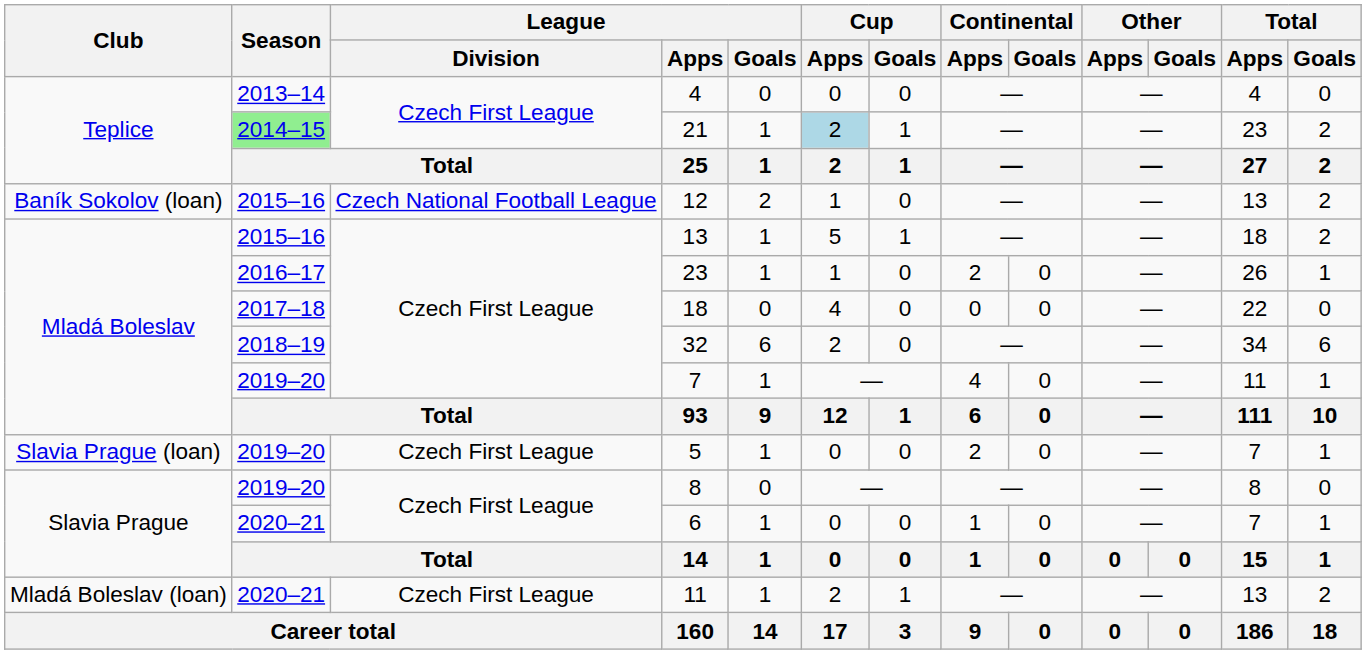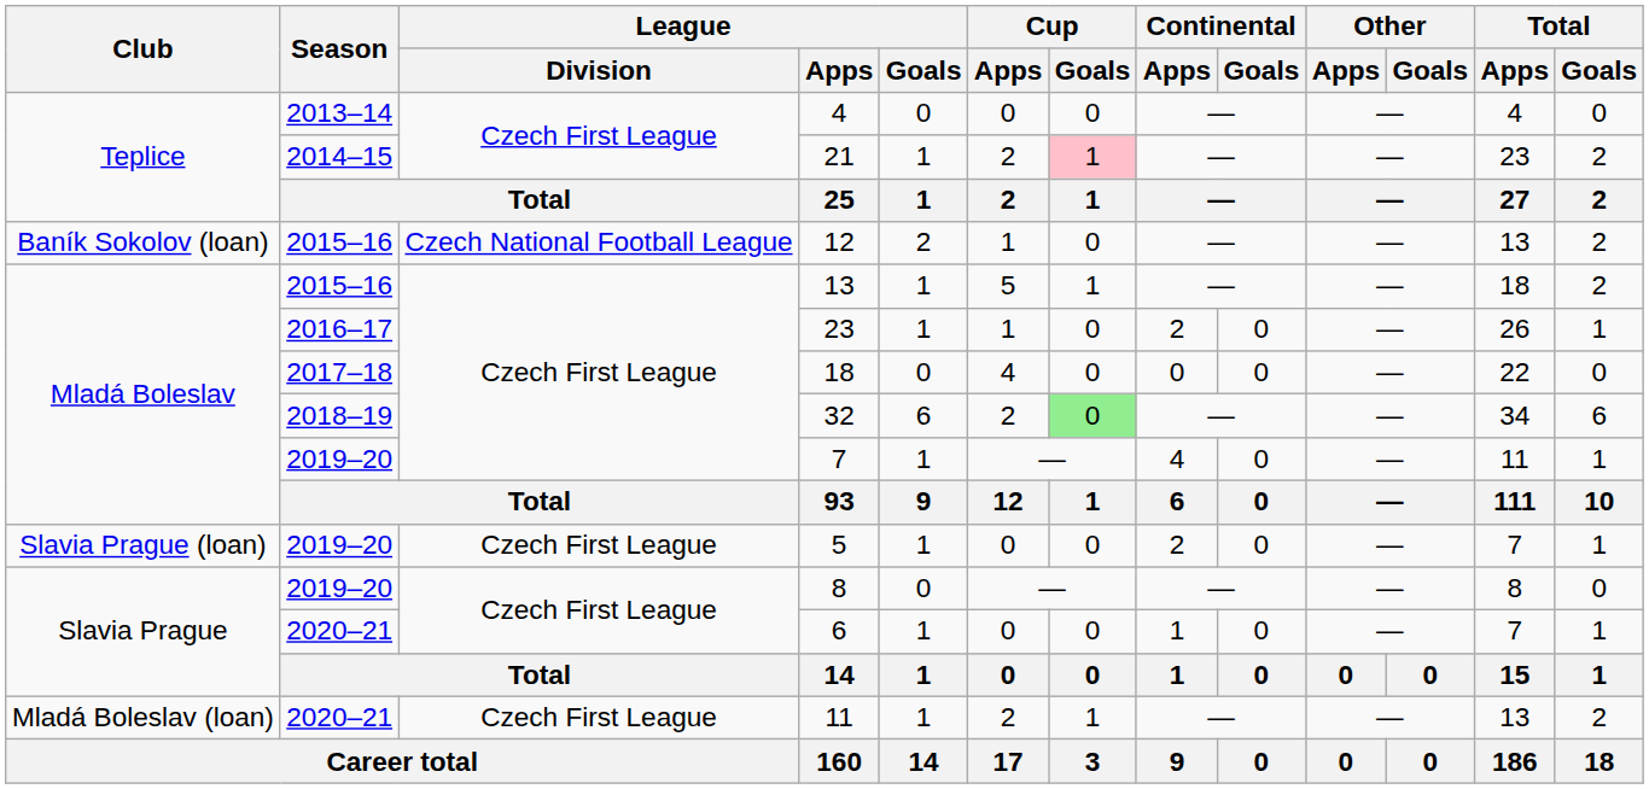 <table class="wikitable" style="text-align:center">
 <tr>
 <th rowspan=2>Club</th>
 <th rowspan=2>Season</th>
 <th colspan=3>League</th>
 <th colspan=2>Cup</th>
 <th colspan=2>Continental</th>
 <th colspan=2>Other</th>
 <th colspan=2>Total</th>
 </tr>
 <tr>
 <th>Division</th>
 <th>Apps</th>
 <th>Goals</th>
 <th>Apps</th>
 <th>Goals</th>
 <th>Apps</th>
 <th>Goals</th>
 <th>Apps</th>
 <th>Goals</th>
 <th>Apps</th>
 <th>Goals</th>
 </tr>
 <tr>
 <td rowspan="3"><a href='#'>Teplice</a></td>
 <td><a href='#'>2013–14</a></td>
 <td rowspan="2"><a href='#'>Czech First League</a></td>
 <td>4</td>
 <td>0</td>
 <td>0</td>
 <td>0</td>
 <td colspan="2">—</td>
 <td colspan="2">—</td>
 <td>4</td>
 <td>0</td>
 </tr>
 <tr>
-<td style="background: lightgreen;"><a href='#'>2014–15</a></td>
+<td><a href='#'>2014–15</a></td>
 <td>21</td>
 <td>1</td>
-<td style="background: lightblue;">2</td>
-<td>1</td>
+<td>2</td>
+<td style="background: pink;">1</td>
 <td colspan="2">—</td>
 <td colspan="2">—</td>
 <td>23</td>
 <td>2</td>
 </tr>
 <tr>
 <th colspan="2">Total</th>
 <th>25</th>
 <th>1</th>
 <th>2</th>
 <th>1</th>
 <th colspan="2">—</th>
 <th colspan="2">—</th>
 <th>27</th>
 <th>2</th>
 </tr>
 <tr>
 <td><a href='#'>Baník Sokolov</a> (loan)</td>
 <td><a href='#'>2015–16</a></td>
 <td><a href='#'>Czech National Football League</a></td>
 <td>12</td>
 <td>2</td>
 <td>1</td>
 <td>0</td>
 <td colspan="2">—</td>
 <td colspan="2">—</td>
 <td>13</td>
 <td>2</td>
 </tr>
 <tr>
 <td rowspan="6"><a href='#'>Mladá Boleslav</a></td>
 <td><a href='#'>2015–16</a></td>
 <td rowspan="5">Czech First League</td>
 <td>13</td>
 <td>1</td>
 <td>5</td>
 <td>1</td>
 <td colspan="2">—</td>
 <td colspan="2">—</td>
 <td>18</td>
 <td>2</td>
 </tr>
 <tr>
 <td><a href='#'>2016–17</a></td>
 <td>23</td>
 <td>1</td>
 <td>1</td>
 <td>0</td>
 <td>2</td>
 <td>0</td>
 <td colspan="2">—</td>
 <td>26</td>
 <td>1</td>
 </tr>
 <tr>
 <td><a href='#'>2017–18</a></td>
 <td>18</td>
 <td>0</td>
 <td>4</td>
 <td>0</td>
 <td>0</td>
 <td>0</td>
 <td colspan="2">—</td>
 <td>22</td>
 <td>0</td>
 </tr>
 <tr>
 <td><a href='#'>2018–19</a></td>
 <td>32</td>
 <td>6</td>
 <td>2</td>
-<td>0</td>
+<td style="background: lightgreen;">0</td>
 <td colspan="2">—</td>
 <td colspan="2">—</td>
 <td>34</td>
 <td>6</td>
 </tr>
 <tr>
 <td><a href='#'>2019–20</a></td>
 <td>7</td>
 <td>1</td>
 <td colspan="2">—</td>
 <td>4</td>
 <td>0</td>
 <td colspan="2">—</td>
 <td>11</td>
 <td>1</td>
 </tr>
 <tr>
 <th colspan="2">Total</th>
 <th>93</th>
 <th>9</th>
 <th>12</th>
 <th>1</th>
 <th>6</th>
 <th>0</th>
 <th colspan="2">—</th>
 <th>111</th>
 <th>10</th>
 </tr>
 <tr>
 <td><a href='#'>Slavia Prague</a> (loan)</td>
 <td><a href='#'>2019–20</a></td>
 <td>Czech First League</td>
 <td>5</td>
 <td>1</td>
 <td>0</td>
 <td>0</td>
 <td>2</td>
 <td>0</td>
 <td colspan="2">—</td>
 <td>7</td>
 <td>1</td>
 </tr>
 <tr>
 <td rowspan="3">Slavia Prague</td>
 <td><a href='#'>2019–20</a></td>
 <td rowspan="2">Czech First League</td>
 <td>8</td>
 <td>0</td>
 <td colspan="2">—</td>
 <td colspan="2">—</td>
 <td colspan="2">—</td>
 <td>8</td>
 <td>0</td>
 </tr>
 <tr>
 <td><a href='#'>2020–21</a></td>
 <td>6</td>
 <td>1</td>
 <td>0</td>
 <td>0</td>
 <td>1</td>
 <td>0</td>
 <td colspan="2">—</td>
 <td>7</td>
 <td>1</td>
 </tr>
 <tr>
 <th colspan="2">Total</th>
 <th>14</th>
 <th>1</th>
 <th>0</th>
 <th>0</th>
 <th>1</th>
 <th>0</th>
 <th>0</th>
 <th>0</th>
 <th>15</th>
 <th>1</th>
 </tr>
 <tr>
 <td>Mladá Boleslav (loan)</td>
 <td><a href='#'>2020–21</a></td>
 <td>Czech First League</td>
 <td>11</td>
 <td>1</td>
 <td>2</td>
 <td>1</td>
 <td colspan="2">—</td>
 <td colspan="2">—</td>
 <td>13</td>
 <td>2</td>
 </tr>
 <tr>
 <th colspan="3">Career total</th>
 <th>160</th>
 <th>14</th>
 <th>17</th>
 <th>3</th>
 <th>9</th>
 <th>0</th>
 <th>0</th>
 <th>0</th>
 <th>186</th>
 <th>18</th>
 </tr>
 </table>
